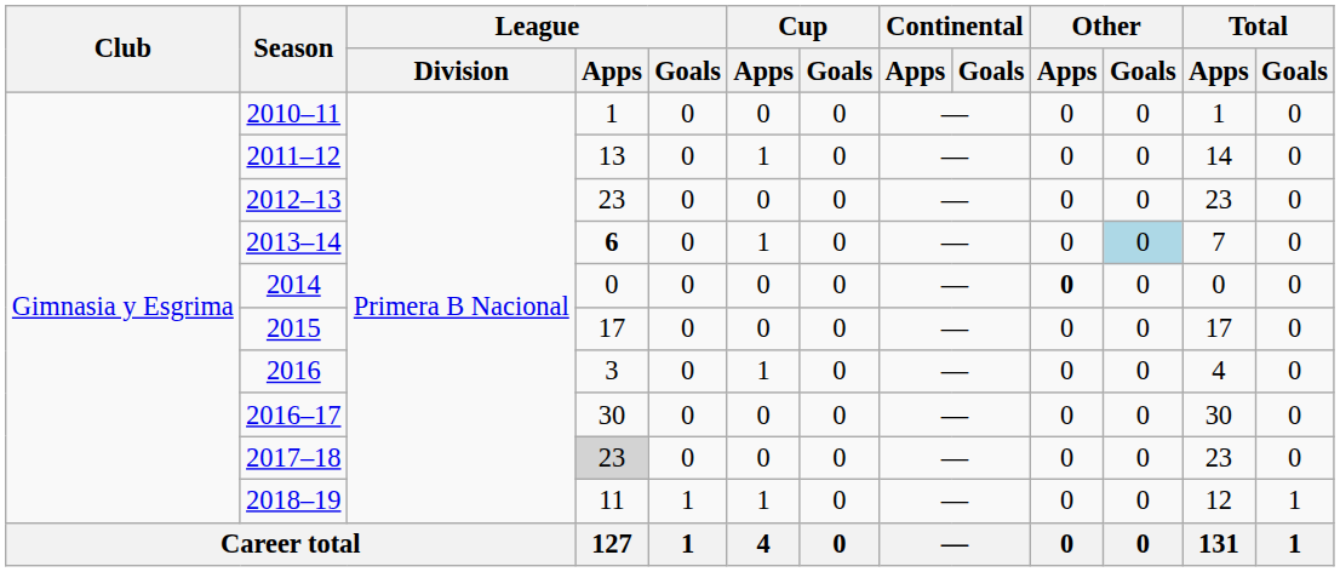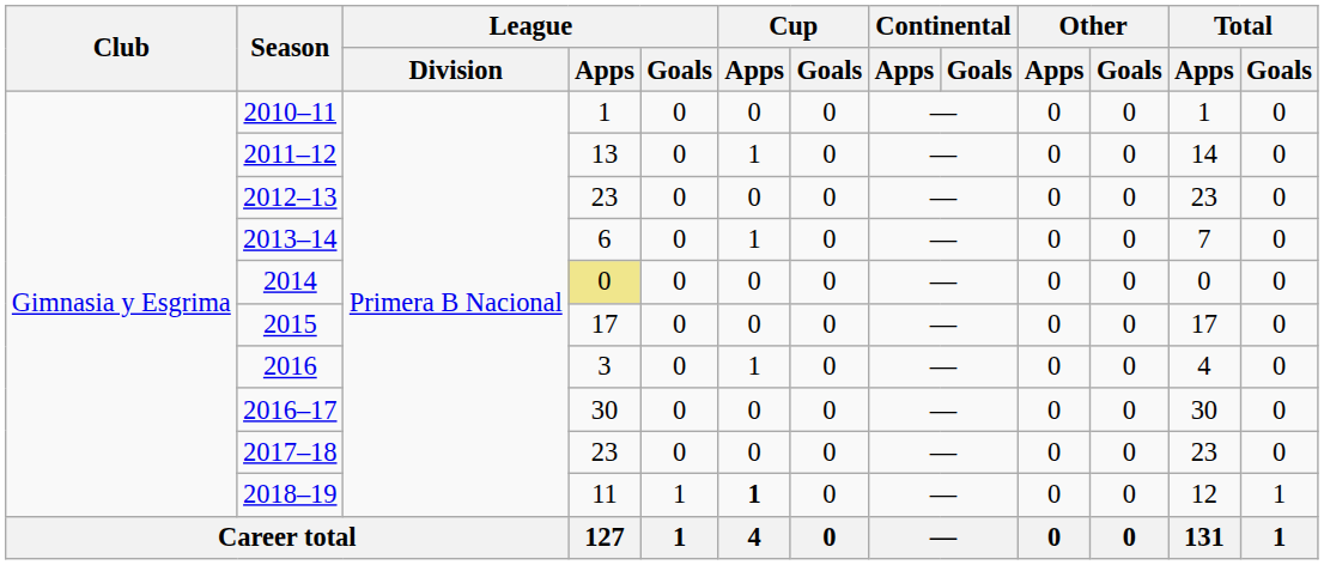 <table class="wikitable" style="text-align:center">
 <tr>
 <th rowspan="2">Club</th>
 <th rowspan="2">Season</th>
 <th colspan="3">League</th>
 <th colspan="2">Cup</th>
 <th colspan="2">Continental</th>
 <th colspan="2">Other</th>
 <th colspan="2">Total</th>
 </tr>
 <tr>
 <th>Division</th>
 <th>Apps</th>
 <th>Goals</th>
 <th>Apps</th>
 <th>Goals</th>
 <th>Apps</th>
 <th>Goals</th>
 <th>Apps</th>
 <th>Goals</th>
 <th>Apps</th>
 <th>Goals</th>
 </tr>
 <tr>
 <td rowspan="10"><a href='#'>Gimnasia y Esgrima</a></td>
 <td><a href='#'>2010–11</a></td>
 <td rowspan="10"><a href='#'>Primera B Nacional</a></td>
 <td>1</td>
 <td>0</td>
 <td>0</td>
 <td>0</td>
 <td colspan="2">—</td>
 <td>0</td>
 <td>0</td>
 <td>1</td>
 <td>0</td>
 </tr>
 <tr>
 <td><a href='#'>2011–12</a></td>
 <td>13</td>
 <td>0</td>
 <td>1</td>
 <td>0</td>
 <td colspan="2">—</td>
 <td>0</td>
 <td>0</td>
 <td>14</td>
 <td>0</td>
 </tr>
 <tr>
 <td><a href='#'>2012–13</a></td>
 <td>23</td>
 <td>0</td>
 <td>0</td>
 <td>0</td>
 <td colspan="2">—</td>
 <td>0</td>
 <td>0</td>
 <td>23</td>
 <td>0</td>
 </tr>
 <tr>
 <td><a href='#'>2013–14</a></td>
-<td><strong>6</strong></td>
+<td>6</td>
 <td>0</td>
 <td>1</td>
 <td>0</td>
 <td colspan="2">—</td>
 <td>0</td>
-<td style="background: lightblue;">0</td>
+<td>0</td>
 <td>7</td>
 <td>0</td>
 </tr>
 <tr>
 <td><a href='#'>2014</a></td>
-<td>0</td>
+<td style="background: khaki;">0</td>
 <td>0</td>
 <td>0</td>
 <td>0</td>
 <td colspan="2">—</td>
-<td><strong>0</strong></td>
+<td>0</td>
 <td>0</td>
 <td>0</td>
 <td>0</td>
 </tr>
 <tr>
 <td><a href='#'>2015</a></td>
 <td>17</td>
 <td>0</td>
 <td>0</td>
 <td>0</td>
 <td colspan="2">—</td>
 <td>0</td>
 <td>0</td>
 <td>17</td>
 <td>0</td>
 </tr>
 <tr>
 <td><a href='#'>2016</a></td>
 <td>3</td>
 <td>0</td>
 <td>1</td>
 <td>0</td>
 <td colspan="2">—</td>
 <td>0</td>
 <td>0</td>
 <td>4</td>
 <td>0</td>
 </tr>
 <tr>
 <td><a href='#'>2016–17</a></td>
 <td>30</td>
 <td>0</td>
 <td>0</td>
 <td>0</td>
 <td colspan="2">—</td>
 <td>0</td>
 <td>0</td>
 <td>30</td>
 <td>0</td>
 </tr>
 <tr>
 <td><a href='#'>2017–18</a></td>
-<td style="background: lightgrey;">23</td>
+<td>23</td>
 <td>0</td>
 <td>0</td>
 <td>0</td>
 <td colspan="2">—</td>
 <td>0</td>
 <td>0</td>
 <td>23</td>
 <td>0</td>
 </tr>
 <tr>
 <td><a href='#'>2018–19</a></td>
 <td>11</td>
 <td>1</td>
-<td>1</td>
+<td><strong>1</strong></td>
 <td>0</td>
 <td colspan="2">—</td>
 <td>0</td>
 <td>0</td>
 <td>12</td>
 <td>1</td>
 </tr>
 <tr>
 <th colspan="3">Career total</th>
 <th>127</th>
 <th>1</th>
 <th>4</th>
 <th>0</th>
 <th colspan="2">—</th>
 <th>0</th>
 <th>0</th>
 <th>131</th>
 <th>1</th>
 </tr>
 </table>
